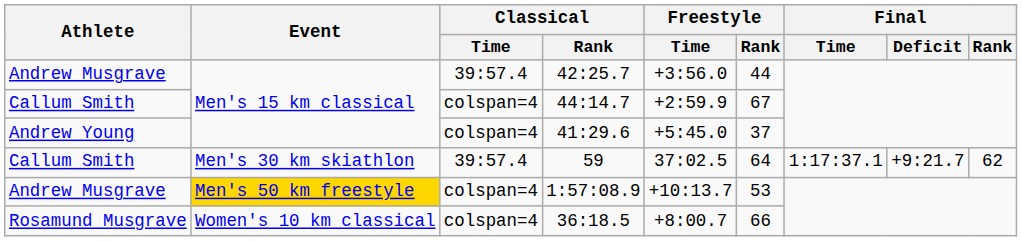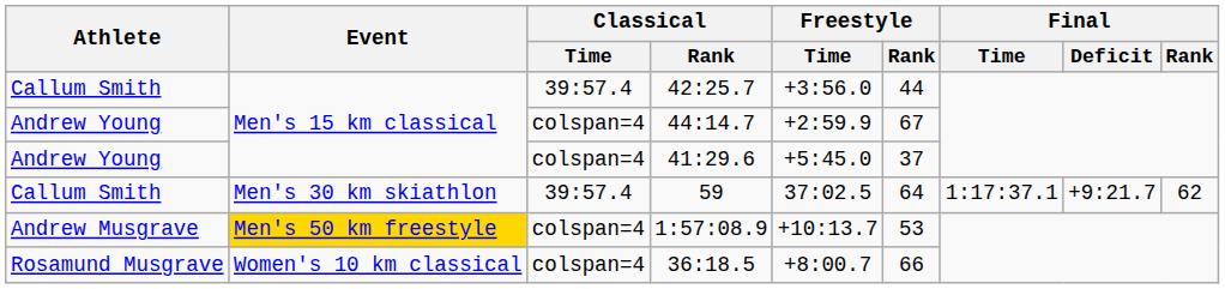 <table class="wikitable" style="font-size:90%">
 <tr>
 <th rowspan=2>Athlete</th>
 <th rowspan=2>Event</th>
 <th colspan=2>Classical</th>
 <th colspan=2>Freestyle</th>
 <th colspan=3>Final</th>
 </tr>
 <tr style="font-size: 95%">
 <th>Time</th>
 <th>Rank</th>
 <th>Time</th>
 <th>Rank</th>
 <th>Time</th>
 <th>Deficit</th>
 <th>Rank</th>
 </tr>
 <tr align=center>
-<td align=left><a href='#'>Andrew Musgrave</a></td>
+<td align=left><a href='#'>Callum Smith</a></td>
 <td style="text-align:left;" rowspan="3"><a href='#'>Men's 15 km classical</a></td>
 <td>39:57.4</td>
 <td>42:25.7</td>
 <td>+3:56.0</td>
 <td>44</td>
 </tr>
 <tr align=center>
-<td align=left><a href='#'>Callum Smith</a></td>
+<td align=left><a href='#'>Andrew Young</a></td>
 <td>colspan=4 </td>
 <td>44:14.7</td>
 <td>+2:59.9</td>
 <td>67</td>
 </tr>
 <tr align=center>
 <td align=left><a href='#'>Andrew Young</a></td>
 <td>colspan=4 </td>
 <td>41:29.6</td>
 <td>+5:45.0</td>
 <td>37</td>
 </tr>
 <tr align=center>
 <td align=left><a href='#'>Callum Smith</a></td>
 <td align=left><a href='#'>Men's 30 km skiathlon</a></td>
 <td>39:57.4</td>
 <td>59</td>
 <td>37:02.5</td>
 <td>64</td>
 <td>1:17:37.1</td>
 <td>+9:21.7</td>
 <td>62</td>
 </tr>
 <tr align=center>
 <td align=left><a href='#'>Andrew Musgrave</a></td>
 <td align=left style="background: gold;"><a href='#'>Men's 50 km freestyle</a></td>
 <td>colspan=4 </td>
 <td>1:57:08.9</td>
 <td>+10:13.7</td>
 <td>53</td>
 </tr>
 <tr align=center>
 <td align=left><a href='#'>Rosamund Musgrave</a></td>
 <td align=left><a href='#'>Women's 10 km classical</a></td>
 <td>colspan=4 </td>
 <td>36:18.5</td>
 <td>+8:00.7</td>
 <td>66</td>
 </tr>
 </table>
